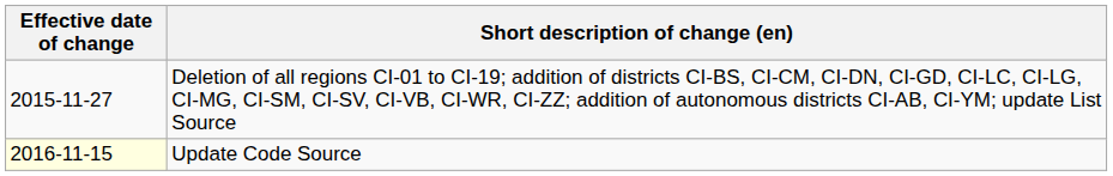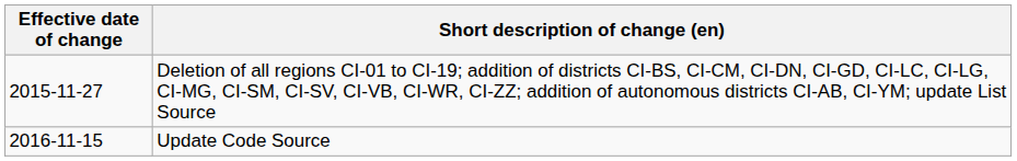 <table class="wikitable">
 <tr>
 <th>Effective date of change</th>
 <th>Short description of change (en)</th>
 </tr>
 <tr>
 <td>2015-11-27</td>
 <td>Deletion of all regions CI-01 to CI-19; addition of districts CI-BS, CI-CM, CI-DN, CI-GD, CI-LC, CI-LG, CI-MG, CI-SM, CI-SV, CI-VB, CI-WR, CI-ZZ; addition of autonomous districts CI-AB, CI-YM; update List Source</td>
 </tr>
 <tr>
-<td style="background: lightyellow;">2016-11-15</td>
+<td>2016-11-15</td>
 <td>Update Code Source</td>
 </tr>
 </table>
